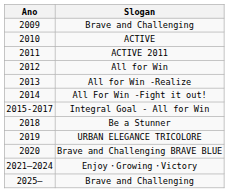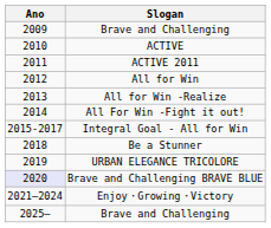 <table class="wikitable" style="text-align:center">
 <tr>
 <th>Ano</th>
 <th>Slogan</th>
 </tr>
 <tr>
 <td>2009</td>
 <td>Brave and Challenging</td>
 </tr>
 <tr>
 <td>2010</td>
 <td>ACTIVE</td>
 </tr>
 <tr>
 <td>2011</td>
 <td>ACTIVE 2011</td>
 </tr>
 <tr>
 <td>2012</td>
 <td>All for Win</td>
 </tr>
 <tr>
 <td>2013</td>
 <td>All for Win -Realize</td>
 </tr>
 <tr>
 <td>2014</td>
 <td>All For Win -Fight it out!</td>
 </tr>
 <tr>
 <td>2015-2017</td>
 <td>Integral Goal - All for Win</td>
 </tr>
 <tr>
 <td>2018</td>
 <td>Be a Stunner</td>
 </tr>
 <tr>
 <td>2019</td>
 <td>URBAN ELEGANCE TRICOLORE</td>
 </tr>
 <tr>
-<td>2020</td>
+<td style="background: lavender;">2020</td>
 <td>Brave and Challenging BRAVE BLUE</td>
 </tr>
 <tr>
 <td>2021–2024</td>
 <td>Enjoy・Growing・Victory</td>
 </tr>
 <tr>
 <td>2025–</td>
 <td>Brave and Challenging</td>
 </tr>
 </table>
